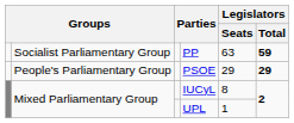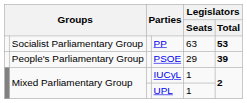 <table class="wikitable" style="text-align:left;">
 <tr>
 <th rowspan="2" colspan="2">Groups</th>
 <th rowspan="2" colspan="2">Parties</th>
 <th colspan="2">Legislators</th>
 </tr>
 <tr>
 <th>Seats</th>
 <th>Total</th>
 </tr>
 <tr>
 <td width="1" style="color:inherit;background:"></td>
 <td>Socialist Parliamentary Group</td>
 <td width="1" style="color:inherit;background:"></td>
 <td><a href='#'>PP</a></td>
 <td>63</td>
-<td><strong>59</strong></td>
+<td><strong>53</strong></td>
 </tr>
 <tr>
 <td style="color:inherit;background:"></td>
 <td>People's Parliamentary Group</td>
 <td style="color:inherit;background:"></td>
 <td><a href='#'>PSOE</a></td>
 <td>29</td>
-<td><strong>29</strong></td>
+<td><strong>39</strong></td>
 </tr>
 <tr>
 <td rowspan="2" bgcolor="gray"></td>
 <td rowspan="2">Mixed Parliamentary Group</td>
 <td style="color:inherit;background:"></td>
 <td align="left"><a href='#'>IUCyL</a></td>
-<td>8</td>
+<td>1</td>
 <td rowspan="2"><strong>2</strong></td>
 </tr>
 <tr>
 <td style="color:inherit;background:"></td>
 <td align="left"><a href='#'>UPL</a></td>
 <td>1</td>
 </tr>
 </table>
